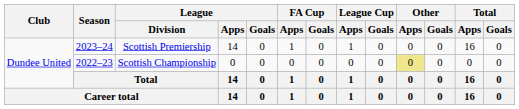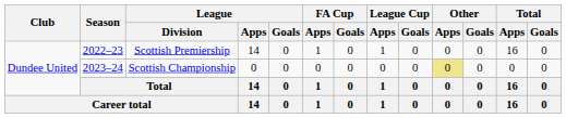 <table class="wikitable" style="text-align:center;">
 <tr>
 <th rowspan="2">Club</th>
 <th rowspan="2">Season</th>
 <th colspan="3">League</th>
 <th colspan="2">FA Cup</th>
 <th colspan="2">League Cup</th>
 <th colspan="2">Other</th>
 <th colspan="2">Total</th>
 </tr>
 <tr>
 <th>Division</th>
 <th>Apps</th>
 <th>Goals</th>
 <th>Apps</th>
 <th>Goals</th>
 <th>Apps</th>
 <th>Goals</th>
 <th>Apps</th>
 <th>Goals</th>
 <th>Apps</th>
 <th>Goals</th>
 </tr>
 <tr>
 <td rowspan="3"><a href='#'>Dundee United</a></td>
-<td><a href='#'>2023–24</a></td>
+<td><a href='#'>2022–23</a></td>
 <td><a href='#'>Scottish Premiership</a></td>
 <td>14</td>
 <td>0</td>
 <td>1</td>
 <td>0</td>
 <td>1</td>
 <td>0</td>
 <td>0</td>
 <td>0</td>
 <td>16</td>
 <td>0</td>
 </tr>
 <tr>
-<td><a href='#'>2022–23</a></td>
+<td><a href='#'>2023–24</a></td>
 <td><a href='#'>Scottish Championship</a></td>
 <td>0</td>
 <td>0</td>
 <td>0</td>
 <td>0</td>
 <td>0</td>
 <td>0</td>
 <td style="background: khaki;">0</td>
 <td>0</td>
 <td>0</td>
 <td>0</td>
 </tr>
 <tr>
 <th colspan="2">Total</th>
 <th>14</th>
 <th>0</th>
 <th>1</th>
 <th>0</th>
 <th>1</th>
 <th>0</th>
 <th>0</th>
 <th>0</th>
 <th>16</th>
 <th>0</th>
 </tr>
 <tr>
 <th colspan="3">Career total</th>
 <th>14</th>
 <th>0</th>
 <th>1</th>
 <th>0</th>
 <th>1</th>
 <th>0</th>
 <th>0</th>
 <th>0</th>
 <th>16</th>
 <th>0</th>
 </tr>
 </table>
